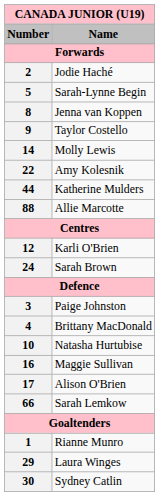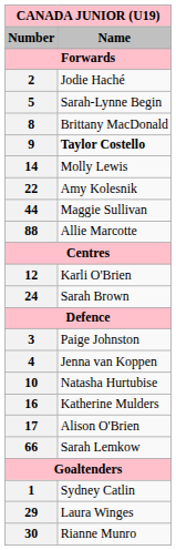 <table class="wikitable" style="text-align:left; font-size:90%;">
 <tr>
 <th style=background:pink colspan=3>CANADA JUNIOR (U19)</th>
 </tr>
 <tr>
 <th width=10 style="background:silver;">Number</th>
 <th style="background:silver;">Name</th>
 </tr>
 <tr>
 </tr>
 <tr>
 <th style=background:pink colspan=2>Forwards</th>
 </tr>
 <tr>
 <th>2</th>
 <td>Jodie Haché</td>
 </tr>
 <tr>
 <th>5</th>
 <td>Sarah-Lynne Begin</td>
 </tr>
 <tr>
 <th>8</th>
-<td>Jenna van Koppen</td>
+<td>Brittany MacDonald</td>
 </tr>
 <tr>
 <th>9</th>
-<td>Taylor Costello</td>
+<td><strong>Taylor Costello</strong></td>
 </tr>
 <tr>
 <th>14</th>
 <td>Molly Lewis</td>
 </tr>
 <tr>
 <th>22</th>
 <td>Amy Kolesnik</td>
 </tr>
 <tr>
 <th>44</th>
-<td>Katherine Mulders</td>
+<td>Maggie Sullivan</td>
 </tr>
 <tr>
 <th>88</th>
 <td>Allie Marcotte</td>
 </tr>
 <tr>
 <th style=background:pink colspan=2>Centres</th>
 </tr>
 <tr>
 <th>12</th>
 <td>Karli O'Brien</td>
 </tr>
 <tr>
 <th>24</th>
 <td>Sarah Brown</td>
 </tr>
 <tr>
 <th style=background:pink colspan=2>Defence</th>
 </tr>
 <tr>
 <th>3</th>
 <td>Paige Johnston</td>
 </tr>
 <tr>
 <th>4</th>
-<td>Brittany MacDonald</td>
+<td>Jenna van Koppen</td>
 </tr>
 <tr>
 <th>10</th>
 <td>Natasha Hurtubise</td>
 </tr>
 <tr>
 <th>16</th>
-<td>Maggie Sullivan</td>
+<td>Katherine Mulders</td>
 </tr>
 <tr>
 <th>17</th>
 <td>Alison O'Brien</td>
 </tr>
 <tr>
 <th>66</th>
 <td>Sarah Lemkow</td>
 </tr>
 <tr>
 <th style=background:pink colspan=2>Goaltenders</th>
 </tr>
 <tr>
 <th>1</th>
-<td>Rianne Munro</td>
+<td>Sydney Catlin</td>
 </tr>
 <tr>
 <th>29</th>
 <td>Laura Winges</td>
 </tr>
 <tr>
 <th>30</th>
-<td>Sydney Catlin</td>
+<td>Rianne Munro</td>
 </tr>
 </table>
